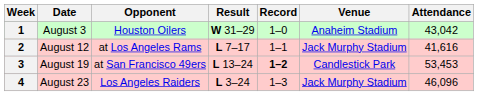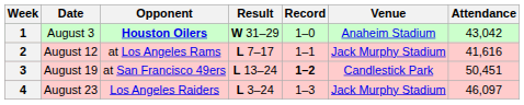 <table class="wikitable" style="text-align:center">
 <tr>
 <th>Week</th>
 <th>Date</th>
 <th>Opponent</th>
 <th>Result</th>
 <th>Record</th>
 <th>Venue</th>
 <th>Attendance</th>
 </tr>
 <tr style="background: #cfc;">
 <th>1</th>
 <td>August 3</td>
-<td><a href='#'>Houston Oilers</a></td>
+<td><strong><a href='#'>Houston Oilers</a></strong></td>
 <td><strong>W</strong> 31–29</td>
 <td>1–0</td>
 <td><a href='#'>Anaheim Stadium</a></td>
 <td>43,042</td>
 </tr>
 <tr style="background: #fcc;">
 <th>2</th>
 <td>August 12</td>
 <td>at <a href='#'>Los Angeles Rams</a></td>
 <td><strong>L</strong> 7–17</td>
 <td>1–1</td>
 <td><a href='#'>Jack Murphy Stadium</a></td>
 <td>41,616</td>
 </tr>
 <tr style="background: #fcc;">
 <th>3</th>
 <td>August 19</td>
 <td>at <a href='#'>San Francisco 49ers</a></td>
 <td><strong>L</strong> 13–24</td>
 <td><strong>1–2</strong></td>
 <td><a href='#'>Candlestick Park</a></td>
-<td>53,453</td>
+<td>50,451</td>
 </tr>
 <tr style="background: #fcc;">
 <th>4</th>
 <td>August 23</td>
 <td><a href='#'>Los Angeles Raiders</a></td>
 <td><strong>L</strong> 3–24</td>
 <td>1–3</td>
 <td><a href='#'>Jack Murphy Stadium</a></td>
-<td>46,096</td>
+<td>46,097</td>
 </tr>
 </table>
